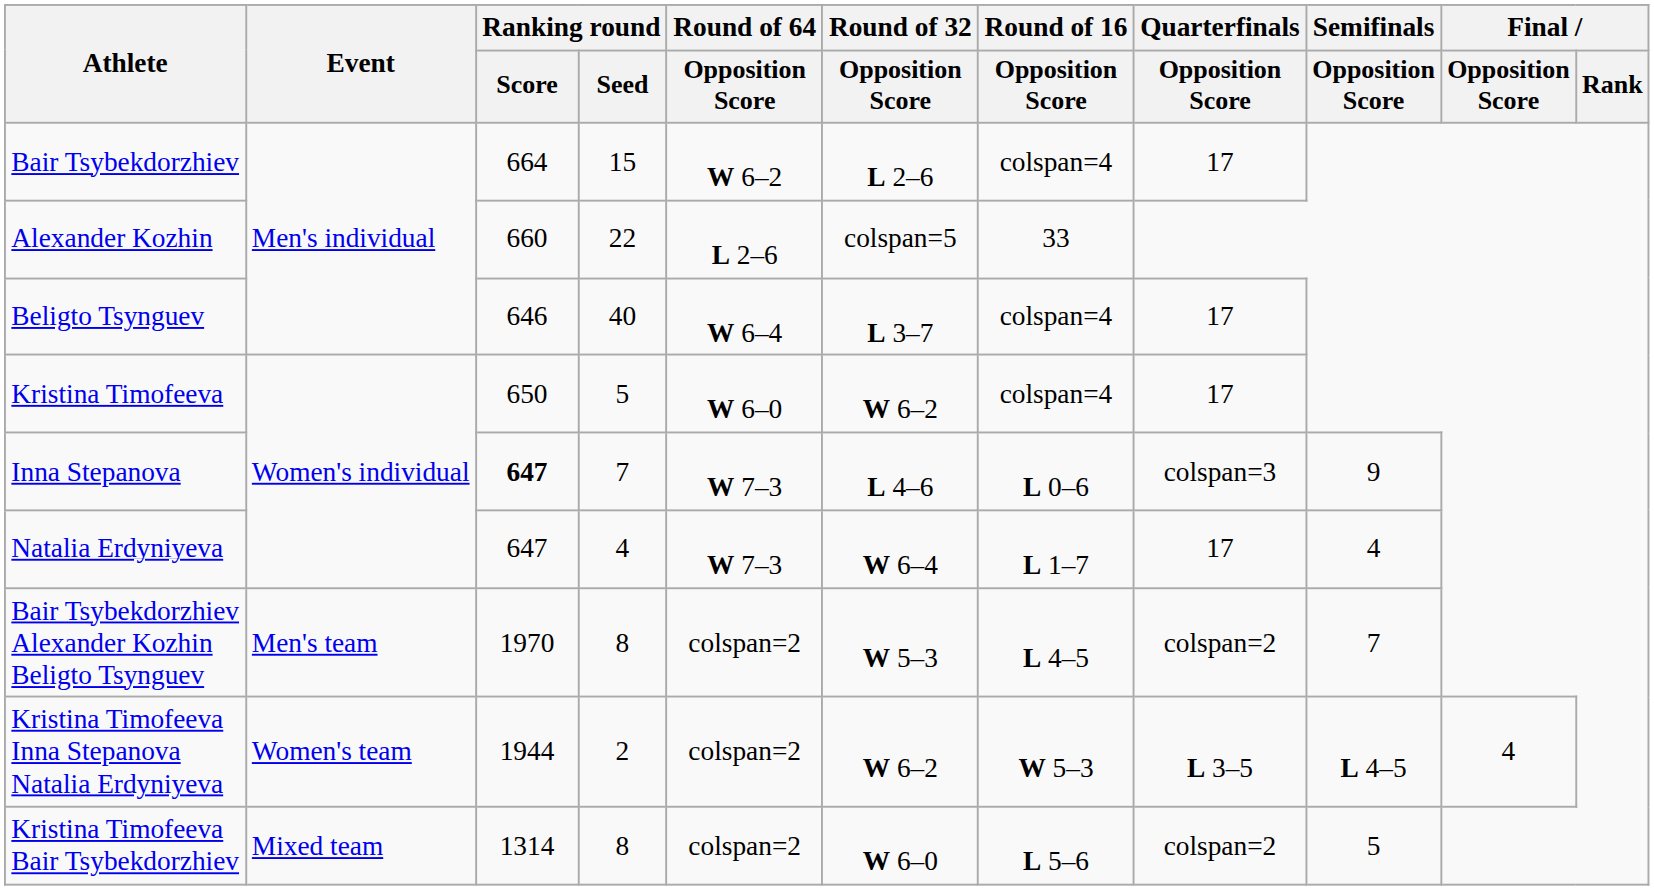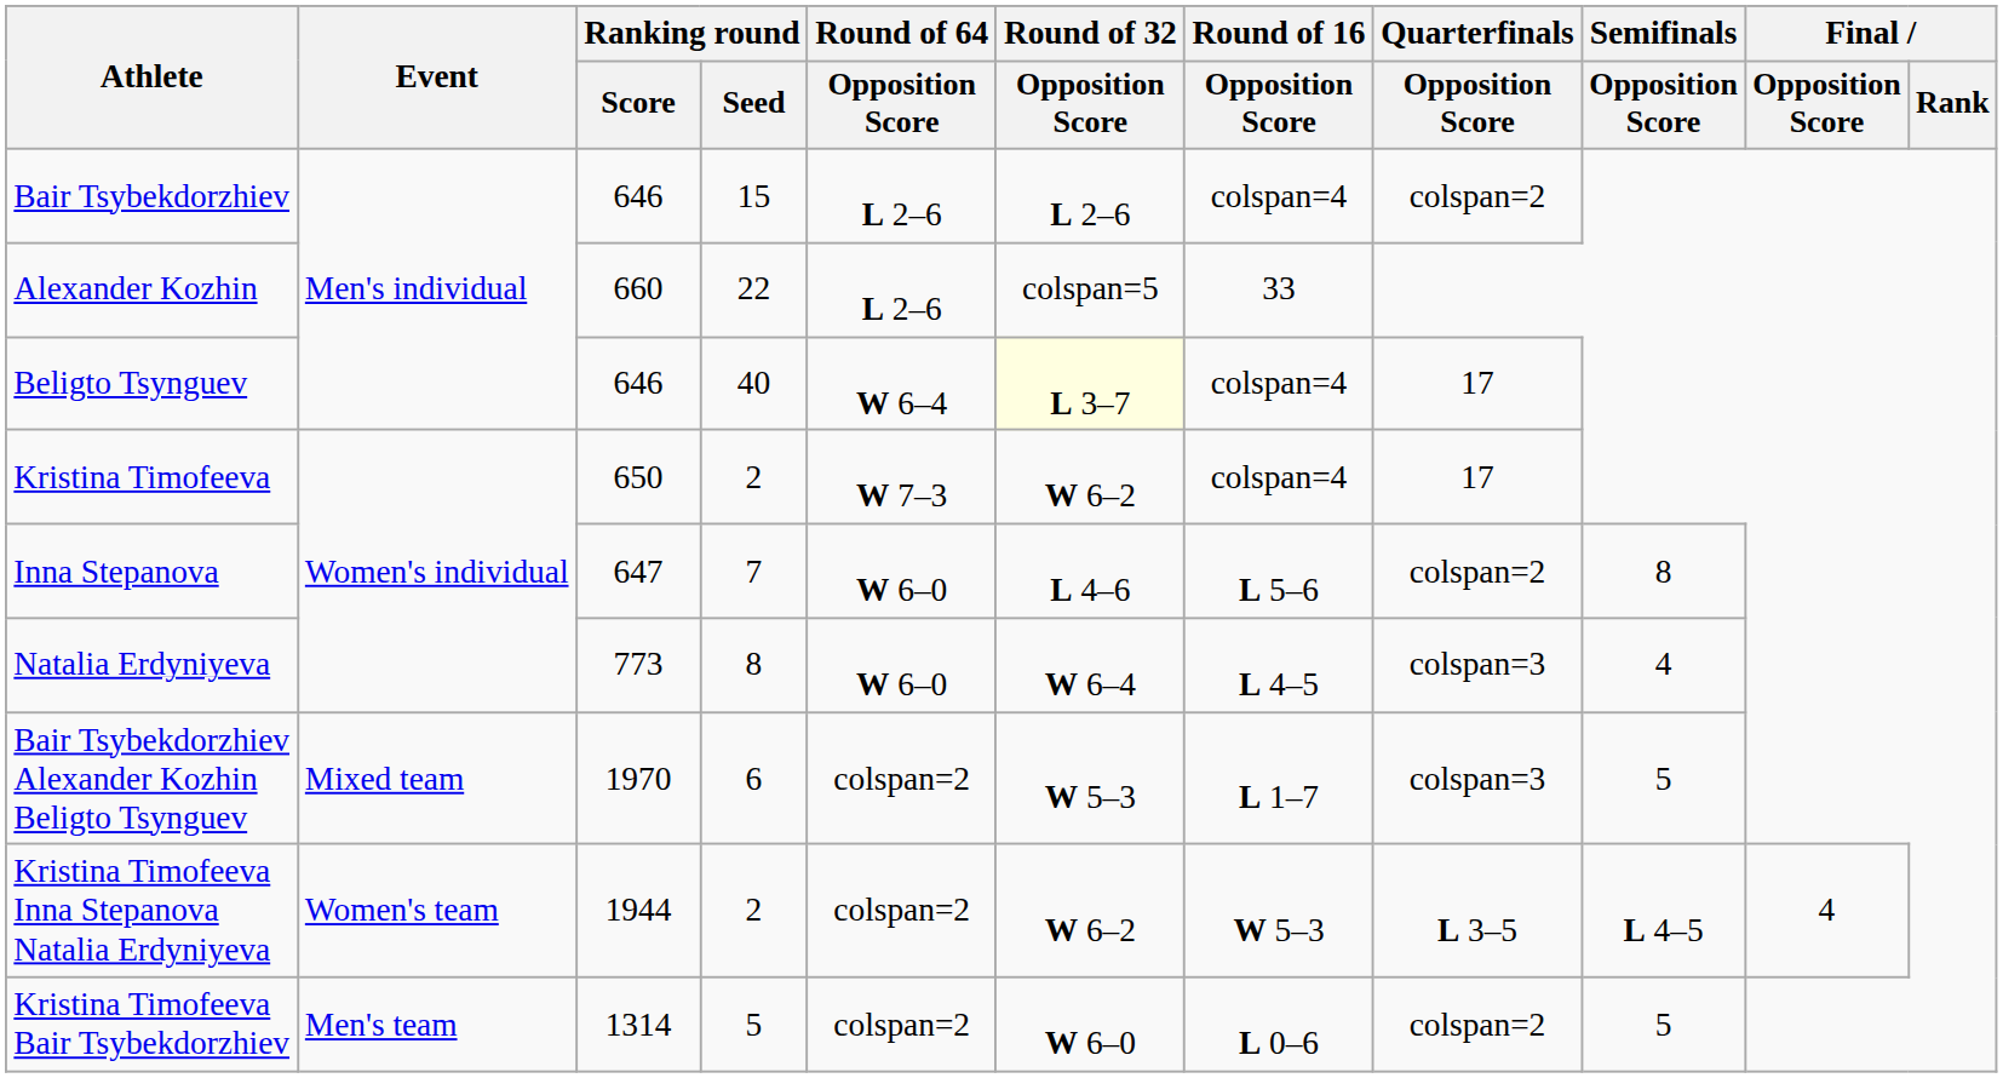 <table class="wikitable" style="text-align:center; font-size:90%">
 <tr>
 <th rowspan=2>Athlete</th>
 <th rowspan=2>Event</th>
 <th colspan=2>Ranking round</th>
 <th>Round of 64</th>
 <th>Round of 32</th>
 <th>Round of 16</th>
 <th>Quarterfinals</th>
 <th>Semifinals</th>
 <th colspan=2>Final / </th>
 </tr>
 <tr style="font-size:95%">
 <th>Score</th>
 <th>Seed</th>
 <th>Opposition<br>Score</th>
 <th>Opposition<br>Score</th>
 <th>Opposition<br>Score</th>
 <th>Opposition<br>Score</th>
 <th>Opposition<br>Score</th>
 <th>Opposition<br>Score</th>
 <th>Rank</th>
 </tr>
 <tr>
 <td align=left><a href='#'>Bair Tsybekdorzhiev</a></td>
 <td style="text-align:left;" rowspan=3><a href='#'>Men's individual</a></td>
-<td>664</td>
+<td>646</td>
 <td>15</td>
-<td><br><strong>W</strong> 6–2</td>
+<td><br><strong>L</strong> 2–6</td>
 <td><br><strong>L</strong> 2–6</td>
 <td>colspan=4 </td>
-<td>17</td>
+<td>colspan=2 </td>
 </tr>
 <tr>
 <td align=left><a href='#'>Alexander Kozhin</a></td>
 <td>660</td>
 <td>22</td>
 <td><br><strong>L</strong> 2–6</td>
 <td>colspan=5 </td>
 <td>33</td>
 </tr>
 <tr>
 <td align=left><a href='#'>Beligto Tsynguev</a></td>
 <td>646</td>
 <td>40</td>
 <td><br><strong>W</strong> 6–4</td>
-<td><br><strong>L</strong> 3–7</td>
+<td style="background: lightyellow;"><br><strong>L</strong> 3–7</td>
 <td>colspan=4 </td>
 <td>17</td>
 </tr>
 <tr>
 <td align=left><a href='#'>Kristina Timofeeva</a></td>
 <td style="text-align:left;" rowspan=3><a href='#'>Women's individual</a></td>
 <td>650</td>
-<td>5</td>
-<td><br><strong>W</strong> 6–0</td>
+<td>2</td>
+<td><br><strong>W</strong> 7–3</td>
 <td><br><strong>W</strong> 6–2</td>
 <td>colspan=4 </td>
 <td>17</td>
 </tr>
 <tr>
 <td align=left><a href='#'>Inna Stepanova</a></td>
-<td><strong>647</strong></td>
+<td>647</td>
 <td>7</td>
-<td><br><strong>W</strong> 7–3</td>
+<td><br><strong>W</strong> 6–0</td>
 <td><br><strong>L</strong> 4–6</td>
-<td><br><strong>L</strong> 0–6</td>
-<td>colspan=3 </td>
-<td>9</td>
+<td><br><strong>L</strong> 5–6</td>
+<td>colspan=2 </td>
+<td>8</td>
 </tr>
 <tr>
 <td align=left><a href='#'>Natalia Erdyniyeva</a></td>
-<td>647</td>
-<td>4</td>
-<td><br><strong>W</strong> 7–3</td>
+<td>773</td>
+<td>8</td>
+<td><br><strong>W</strong> 6–0</td>
 <td><br><strong>W</strong> 6–4</td>
-<td><br><strong>L</strong> 1–7</td>
-<td>17</td>
+<td><br><strong>L</strong> 4–5</td>
+<td>colspan=3 </td>
 <td>4</td>
 </tr>
 <tr>
 <td align=left><a href='#'>Bair Tsybekdorzhiev</a><br><a href='#'>Alexander Kozhin</a><br><a href='#'>Beligto Tsynguev</a></td>
-<td align=left><a href='#'>Men's team</a></td>
+<td align=left><a href='#'>Mixed team</a></td>
 <td>1970</td>
-<td>8</td>
+<td>6</td>
 <td>colspan=2 </td>
 <td><br><strong>W</strong> 5–3</td>
-<td><br><strong>L</strong> 4–5</td>
-<td>colspan=2 </td>
-<td>7</td>
+<td><br><strong>L</strong> 1–7</td>
+<td>colspan=3 </td>
+<td>5</td>
 </tr>
 <tr>
 <td align=left><a href='#'>Kristina Timofeeva</a><br><a href='#'>Inna Stepanova</a><br><a href='#'>Natalia Erdyniyeva</a></td>
 <td align=left><a href='#'>Women's team</a></td>
 <td>1944</td>
 <td>2</td>
 <td>colspan=2 </td>
 <td><br><strong>W</strong> 6–2</td>
 <td><br><strong>W</strong> 5–3</td>
 <td><br><strong>L</strong> 3–5</td>
 <td><br><strong>L</strong> 4–5</td>
 <td>4</td>
 </tr>
 <tr>
 <td align=left><a href='#'>Kristina Timofeeva</a><br><a href='#'>Bair Tsybekdorzhiev</a></td>
-<td align=left><a href='#'>Mixed team</a></td>
+<td align=left><a href='#'>Men's team</a></td>
 <td>1314</td>
-<td>8</td>
+<td>5</td>
 <td>colspan=2 </td>
 <td><br><strong>W</strong> 6–0</td>
-<td><br><strong>L</strong> 5–6</td>
+<td><br><strong>L</strong> 0–6</td>
 <td>colspan=2 </td>
 <td>5</td>
 </tr>
 </table>
